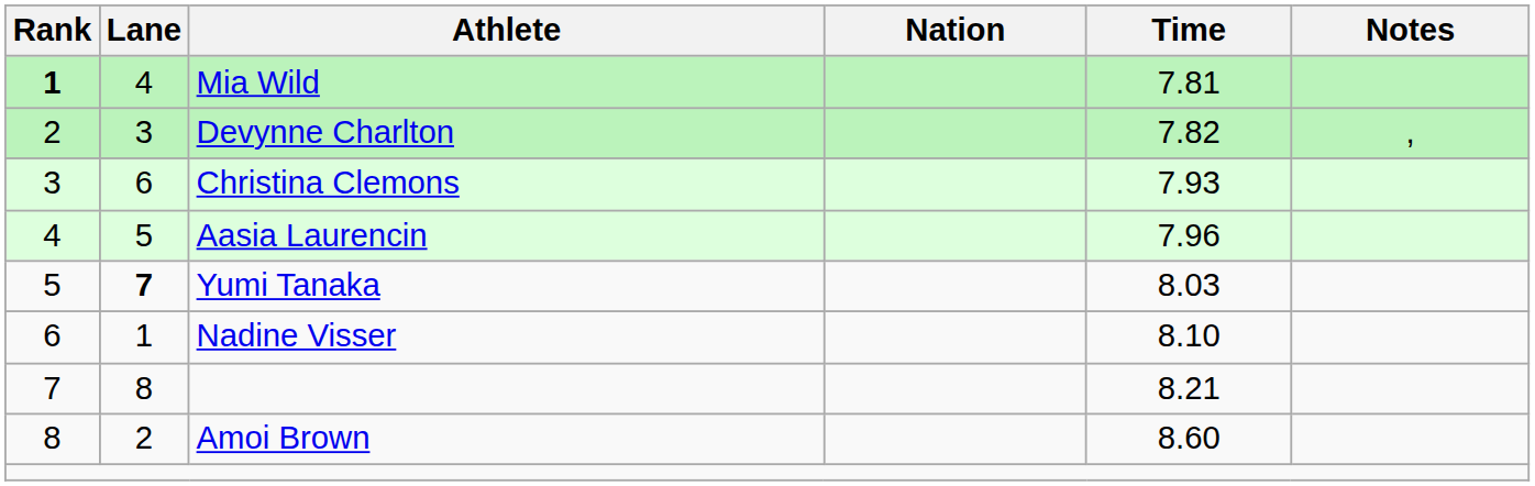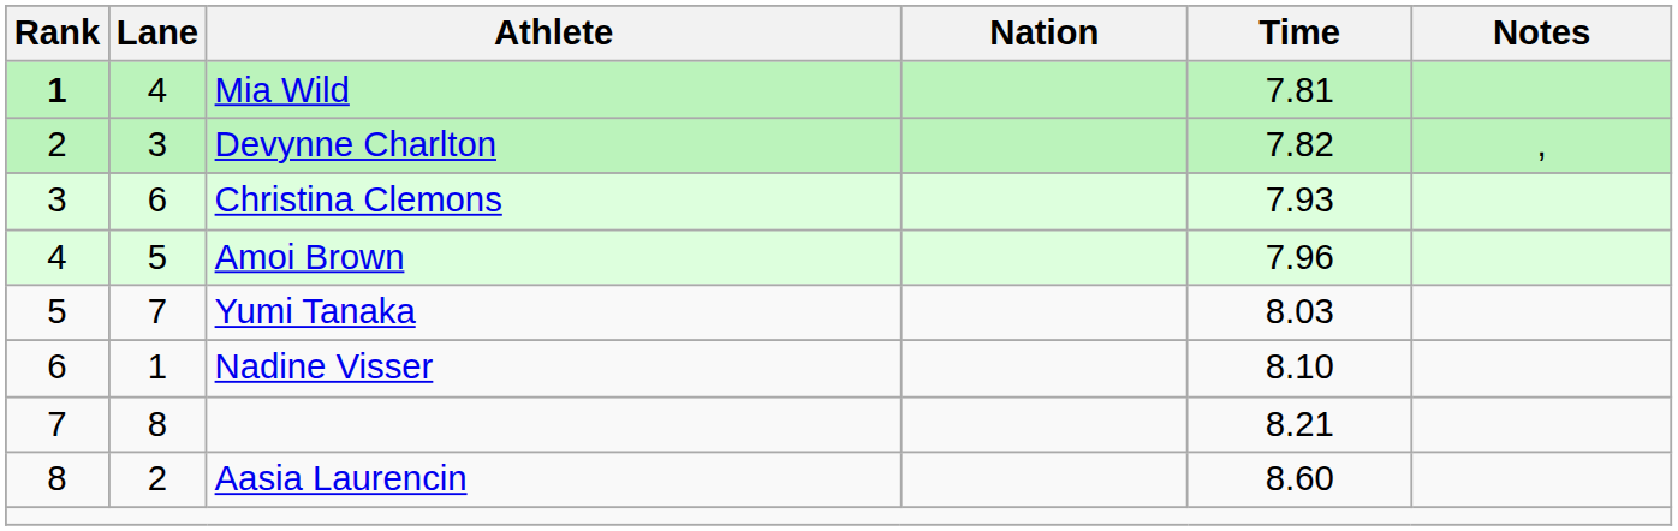 <table class="wikitable sortable" style="text-align:center;width: 60%;">
 <tr>
 <th scope="col" style="width: 10px;">Rank</th>
 <th scope="col" style="width: 10px;">Lane</th>
 <th scope="col">Athlete</th>
 <th scope="col">Nation</th>
 <th scope="col">Time</th>
 <th scope="col">Notes</th>
 </tr>
 <tr bgcolor=bbf3bb>
 <td><strong>1</strong></td>
 <td>4</td>
 <td align=left><a href='#'>Mia Wild</a></td>
 <td align=left></td>
 <td>7.81</td>
 <td></td>
 </tr>
 <tr bgcolor=bbf3bb>
 <td>2</td>
 <td>3</td>
 <td align=left><a href='#'>Devynne Charlton</a></td>
 <td align=left></td>
 <td>7.82</td>
 <td>, </td>
 </tr>
 <tr bgcolor=ddffdd>
 <td>3</td>
 <td>6</td>
 <td align=left><a href='#'>Christina Clemons</a></td>
 <td align=left></td>
 <td>7.93</td>
 <td></td>
 </tr>
 <tr bgcolor=ddffdd>
 <td>4</td>
 <td>5</td>
-<td align=left><a href='#'>Aasia Laurencin</a></td>
+<td align=left><a href='#'>Amoi Brown</a></td>
 <td align=left></td>
 <td>7.96</td>
 <td></td>
 </tr>
 <tr>
 <td>5</td>
-<td><strong>7</strong></td>
+<td>7</td>
 <td align=left><a href='#'>Yumi Tanaka</a></td>
 <td align=left></td>
 <td>8.03</td>
 <td></td>
 </tr>
 <tr>
 <td>6</td>
 <td>1</td>
 <td align=left><a href='#'>Nadine Visser</a></td>
 <td align=left></td>
 <td>8.10</td>
 <td></td>
 </tr>
 <tr>
 <td>7</td>
 <td>8</td>
 <td align=left></td>
 <td align=left></td>
 <td>8.21</td>
 <td></td>
 </tr>
 <tr>
 <td>8</td>
 <td>2</td>
-<td align=left><a href='#'>Amoi Brown</a></td>
+<td align=left><a href='#'>Aasia Laurencin</a></td>
 <td align=left></td>
 <td>8.60</td>
 <td></td>
 </tr>
 <tr class="sortbottom">
 <td colspan="6"></td>
 </tr>
 </table>
